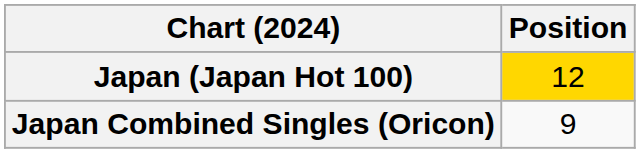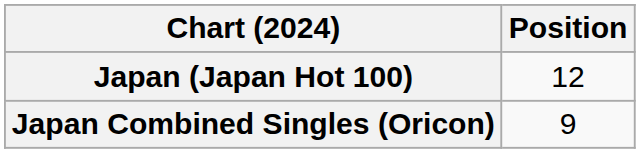 <table class="wikitable sortable plainrowheaders" style="text-align:center">
 <tr>
 <th scope="col">Chart (2024)</th>
 <th scope="col">Position</th>
 </tr>
 <tr>
 <th scope="row">Japan (Japan Hot 100)</th>
-<td style="background: gold;">12</td>
+<td>12</td>
 </tr>
 <tr>
 <th scope="row">Japan Combined Singles (Oricon)</th>
 <td>9</td>
 </tr>
 </table>
